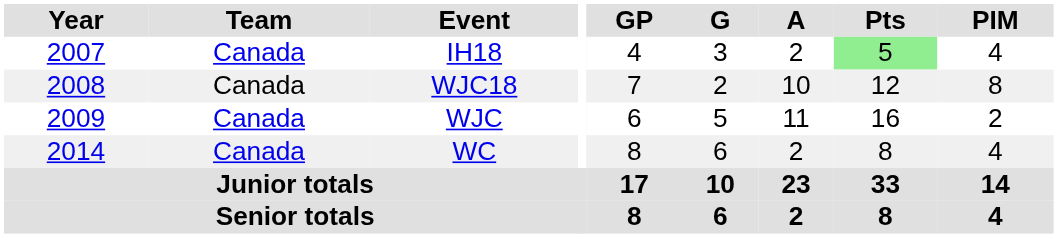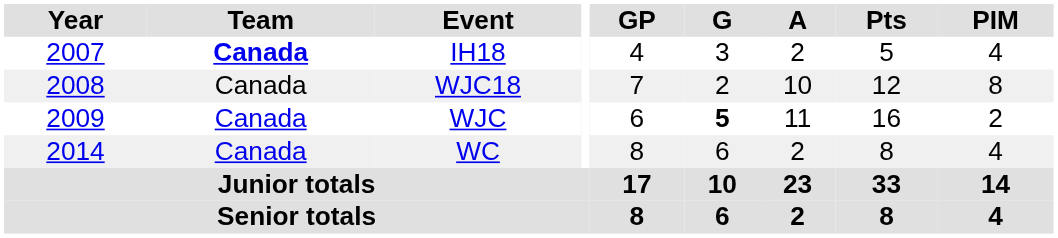 <table border="0" cellpadding="1" cellspacing="0" ID="Table3" style="text-align:center; width:40em">
 <tr bgcolor="#e0e0e0">
 <th>Year</th>
 <th>Team</th>
 <th>Event</th>
 <th rowspan="102" bgcolor="#ffffff"></th>
 <th>GP</th>
 <th>G</th>
 <th>A</th>
 <th>Pts</th>
 <th>PIM</th>
 </tr>
 <tr>
 <td><a href='#'>2007</a></td>
-<td><a href='#'>Canada</a></td>
+<td><strong><a href='#'>Canada</a></strong></td>
 <td><a href='#'>IH18</a></td>
 <td>4</td>
 <td>3</td>
 <td>2</td>
-<td style="background: lightgreen;">5</td>
+<td>5</td>
 <td>4</td>
 </tr>
 <tr bgcolor="#f0f0f0">
 <td><a href='#'>2008</a></td>
 <td>Canada</td>
 <td><a href='#'>WJC18</a></td>
 <td>7</td>
 <td>2</td>
 <td>10</td>
 <td>12</td>
 <td>8</td>
 </tr>
 <tr>
 <td><a href='#'>2009</a></td>
 <td><a href='#'>Canada</a></td>
 <td><a href='#'>WJC</a></td>
 <td>6</td>
-<td>5</td>
+<td><strong>5</strong></td>
 <td>11</td>
 <td>16</td>
 <td>2</td>
 </tr>
 <tr bgcolor="#f0f0f0">
 <td><a href='#'>2014</a></td>
 <td><a href='#'>Canada</a></td>
 <td><a href='#'>WC</a></td>
 <td>8</td>
 <td>6</td>
 <td>2</td>
 <td>8</td>
 <td>4</td>
 </tr>
 <tr bgcolor="#e0e0e0">
 <th colspan="4">Junior totals</th>
 <th>17</th>
 <th>10</th>
 <th>23</th>
 <th>33</th>
 <th>14</th>
 </tr>
 <tr bgcolor="#e0e0e0">
 <th colspan="4">Senior totals</th>
 <th>8</th>
 <th>6</th>
 <th>2</th>
 <th>8</th>
 <th>4</th>
 </tr>
 </table>
